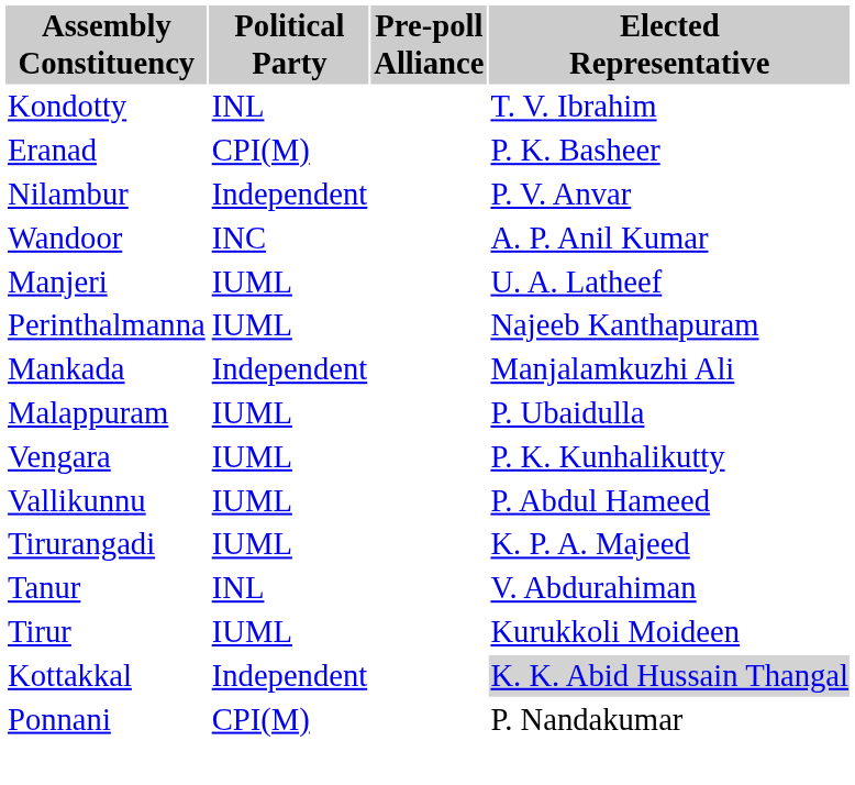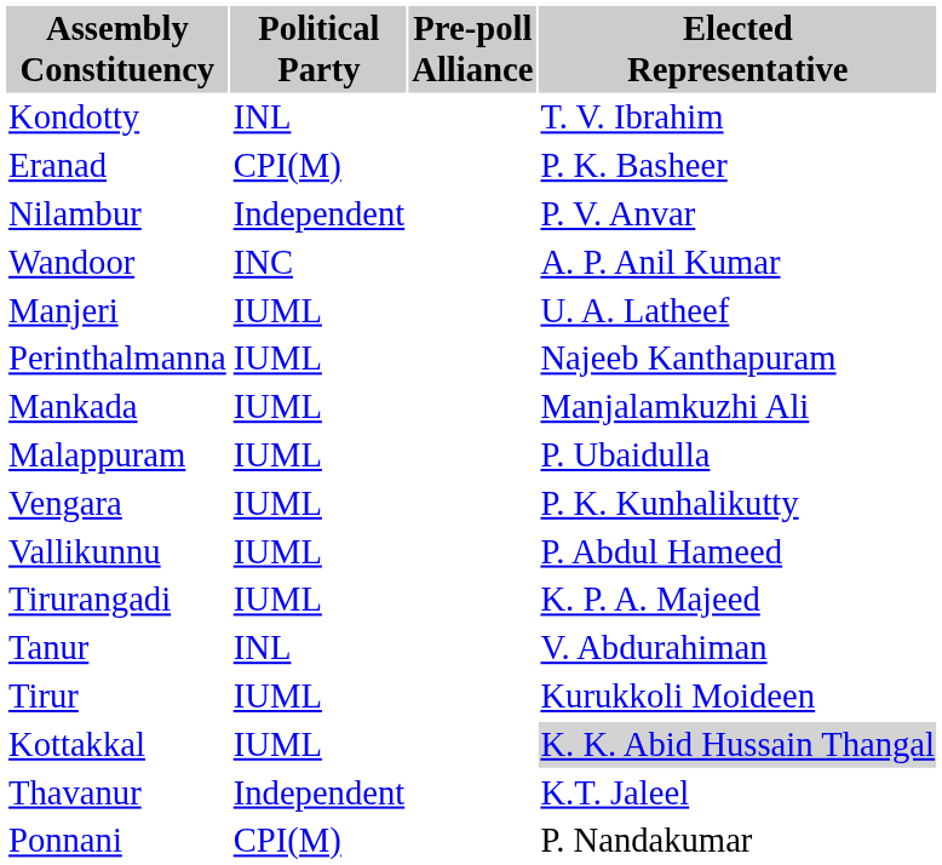 <table align="left" class="toccolours" cellspacing="1" cellpadding="1" style="margin-right: .5em; margin-top: .4em; font-size: 90%">
 <tr>
 </tr>
 <tr bgcolor="#cccccc" valign="top">
 <th>Assembly <br>Constituency</th>
 <th>Political <br>Party</th>
 <th>Pre-poll <br>Alliance</th>
 <th>Elected <br> Representative</th>
 </tr>
 <tr>
 <td><a href='#'>Kondotty</a></td>
 <td style="background-color:"><a href='#'><span>INL</span></a></td>
 <td></td>
 <td><a href='#'>T. V. Ibrahim</a></td>
 </tr>
 <tr>
 <td><a href='#'>Eranad</a></td>
 <td style="background-color:"><a href='#'><span>CPI(M)</span></a></td>
 <td></td>
 <td><a href='#'>P. K. Basheer</a></td>
 </tr>
 <tr>
 <td><a href='#'>Nilambur</a></td>
 <td style="background-color:"><a href='#'><span>Independent</span></a></td>
 <td></td>
 <td><a href='#'>P. V. Anvar</a></td>
 </tr>
 <tr>
 <td><a href='#'>Wandoor</a></td>
 <td style="background-color:"><a href='#'><span>INC</span></a></td>
 <td></td>
 <td><a href='#'>A. P. Anil Kumar</a></td>
 </tr>
 <tr>
 <td><a href='#'>Manjeri</a></td>
 <td style="background-color:"><a href='#'><span>IUML</span></a></td>
 <td></td>
 <td><a href='#'>U. A. Latheef</a></td>
 </tr>
 <tr>
 <td><a href='#'>Perinthalmanna</a></td>
 <td style="background-color:"><a href='#'><span>IUML</span></a></td>
 <td></td>
 <td><a href='#'>Najeeb Kanthapuram</a></td>
 </tr>
 <tr>
 <td><a href='#'>Mankada</a></td>
-<td style="background-color:"><a href='#'><span>Independent</span></a></td>
+<td style="background-color:"><a href='#'><span>IUML</span></a></td>
 <td></td>
 <td><a href='#'>Manjalamkuzhi Ali</a></td>
 </tr>
 <tr>
 <td><a href='#'>Malappuram</a></td>
 <td style="background-color:"><a href='#'><span>IUML</span></a></td>
 <td></td>
 <td><a href='#'>P. Ubaidulla</a></td>
 </tr>
 <tr>
 <td><a href='#'>Vengara</a></td>
 <td style="background-color:"><a href='#'><span>IUML</span></a></td>
 <td></td>
 <td><a href='#'>P. K. Kunhalikutty</a></td>
 </tr>
 <tr>
 <td><a href='#'>Vallikunnu</a></td>
 <td style="background-color:"><a href='#'><span>IUML</span></a></td>
 <td></td>
 <td><a href='#'>P. Abdul Hameed</a></td>
 </tr>
 <tr>
 <td><a href='#'>Tirurangadi</a></td>
 <td style="background-color:"><a href='#'><span>IUML</span></a></td>
 <td></td>
 <td><a href='#'>K. P. A. Majeed</a></td>
 </tr>
 <tr>
 <td><a href='#'>Tanur</a></td>
 <td style="background-color:"><a href='#'><span>INL</span></a></td>
 <td></td>
 <td><a href='#'>V. Abdurahiman</a></td>
 </tr>
 <tr>
 <td><a href='#'>Tirur</a></td>
 <td style="background-color:"><a href='#'><span>IUML</span></a></td>
 <td></td>
 <td><a href='#'>Kurukkoli Moideen</a></td>
 </tr>
 <tr>
 <td><a href='#'>Kottakkal</a></td>
+<td style="background-color:"><a href='#'><span>IUML</span></a></td>
+<td></td>
+<td style="background: lightgrey;"><a href='#'>K. K. Abid Hussain Thangal</a></td>
+</tr>
+<tr>
+<td><a href='#'>Thavanur</a></td>
 <td style="background-color:"><a href='#'><span>Independent</span></a></td>
 <td></td>
-<td style="background: lightgrey;"><a href='#'>K. K. Abid Hussain Thangal</a></td>
+<td><a href='#'>K.T. Jaleel</a></td>
 </tr>
 <tr>
 <td><a href='#'>Ponnani</a></td>
 <td style="background-color:"><a href='#'><span>CPI(M)</span></a></td>
 <td></td>
 <td>P. Nandakumar</td>
 </tr>
 </table>
